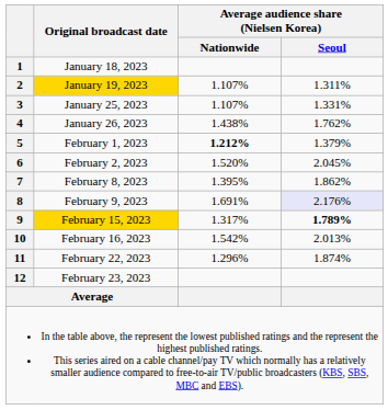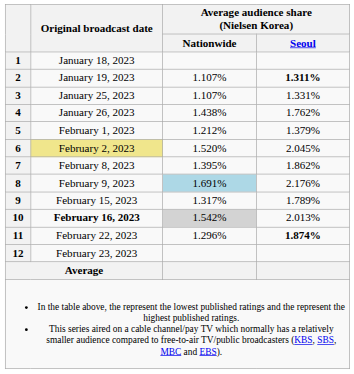 <table class="wikitable" style="margin-left:auto; margin-right:auto; width:500px; text-align:center">
 <tr>
 <th rowspan="2" scope="col"></th>
 <th rowspan="2" scope="col">Original broadcast date</th>
 <th colspan="2" scope="col">Average audience share<br>(Nielsen Korea)</th>
 </tr>
 <tr>
 <th scope="col" style="width:8em">Nationwide</th>
 <th scope="col" style="width:8em"><a href='#'>Seoul</a></th>
 </tr>
 <tr>
 <th scope="row">1</th>
 <td>January 18, 2023</td>
 <td><strong></strong> </td>
 <td><strong></strong> </td>
 </tr>
 <tr>
 <th scope="row">2</th>
-<td style="background: gold;">January 19, 2023</td>
+<td>January 19, 2023</td>
 <td>1.107% </td>
-<td>1.311% </td>
+<td><strong>1.311% </strong></td>
 </tr>
 <tr>
 <th scope="row">3</th>
 <td>January 25, 2023</td>
 <td>1.107% </td>
 <td>1.331% </td>
 </tr>
 <tr>
 <th scope="row">4</th>
 <td>January 26, 2023</td>
 <td>1.438% </td>
 <td>1.762% </td>
 </tr>
 <tr>
 <th scope="row">5</th>
 <td>February 1, 2023</td>
-<td><strong>1.212% </strong></td>
+<td>1.212% </td>
 <td>1.379% </td>
 </tr>
 <tr>
 <th scope="row">6</th>
-<td>February 2, 2023</td>
+<td style="background: khaki;">February 2, 2023</td>
 <td>1.520% </td>
 <td>2.045% </td>
 </tr>
 <tr>
 <th scope="row">7</th>
 <td>February 8, 2023</td>
 <td>1.395% </td>
 <td>1.862% </td>
 </tr>
 <tr>
 <th scope="row">8</th>
 <td>February 9, 2023</td>
-<td>1.691% </td>
-<td style="background: lavender;">2.176% </td>
+<td style="background: lightblue;">1.691% </td>
+<td>2.176% </td>
 </tr>
 <tr>
 <th scope="row">9</th>
-<td style="background: gold;">February 15, 2023</td>
+<td>February 15, 2023</td>
 <td>1.317% </td>
-<td><strong>1.789% </strong></td>
+<td>1.789% </td>
 </tr>
 <tr>
 <th scope="row">10</th>
-<td>February 16, 2023</td>
-<td>1.542% </td>
+<td><strong>February 16, 2023</strong></td>
+<td style="background: lightgrey;">1.542% </td>
 <td>2.013% </td>
 </tr>
 <tr>
 <th scope="row">11</th>
 <td>February 22, 2023</td>
 <td>1.296% </td>
-<td>1.874% </td>
+<td><strong>1.874% </strong></td>
 </tr>
 <tr>
 <th scope="row">12</th>
 <td>February 23, 2023</td>
 <td><strong></strong> </td>
 <td><strong></strong> </td>
 </tr>
 <tr>
 <th colspan="2">Average</th>
 <th></th>
 <th></th>
 </tr>
 <tr>
 <td colspan="4" style="font-size:85%"><br><ul><li>In the table above, the <strong></strong> represent the lowest published ratings and the <strong></strong> represent the highest published ratings.</li><li>This series aired on a cable channel/pay TV which normally has a relatively smaller audience compared to free-to-air TV/public broadcasters (<a href='#'>KBS</a>, <a href='#'>SBS</a>, <a href='#'>MBC</a> and <a href='#'>EBS</a>).</li></ul></td>
 </tr>
 </table>
